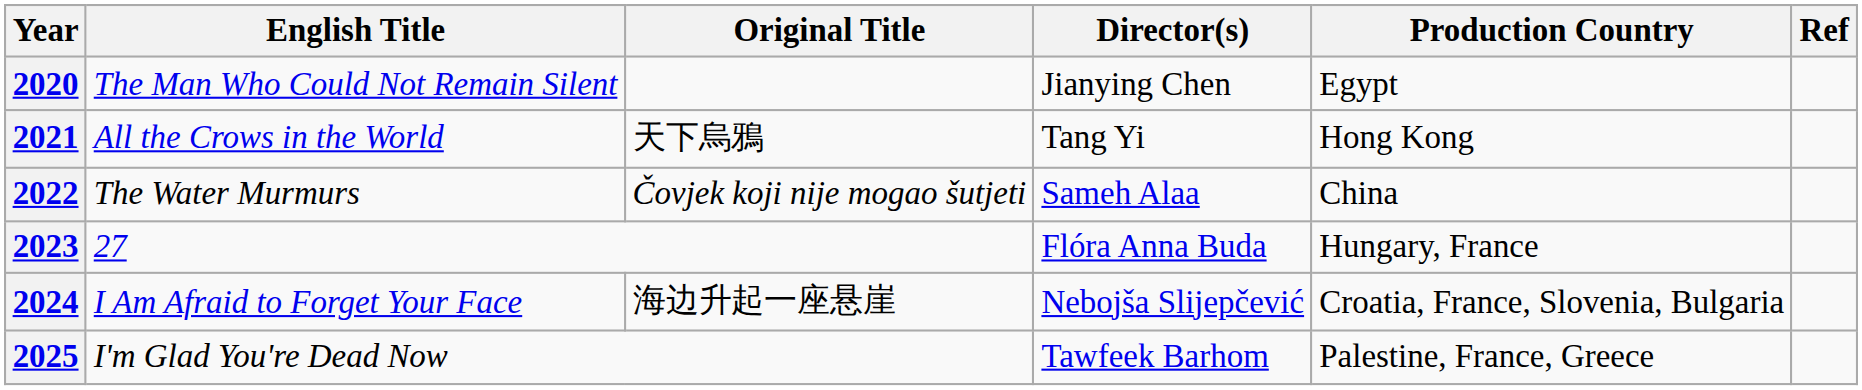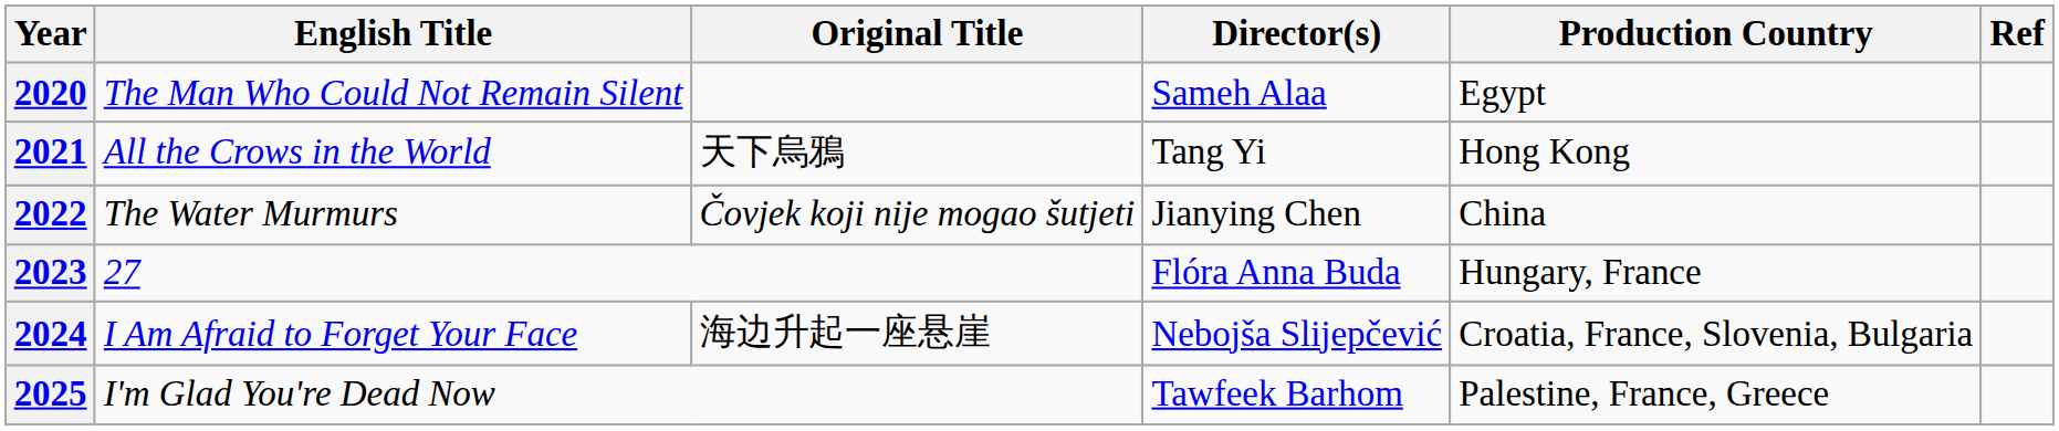 <table class="wikitable">
 <tr>
 <th>Year</th>
 <th>English Title</th>
 <th>Original Title</th>
 <th>Director(s)</th>
 <th>Production Country</th>
 <th>Ref</th>
 </tr>
 <tr>
 <th><a href='#'>2020</a></th>
 <td><em><a href='#'>The Man Who Could Not Remain Silent</a></em></td>
 <td></td>
-<td>Jianying Chen</td>
+<td><a href='#'>Sameh Alaa</a></td>
 <td>Egypt</td>
 <td></td>
 </tr>
 <tr>
 <th><a href='#'>2021</a></th>
 <td><em><a href='#'>All the Crows in the World</a></em></td>
 <td>天下烏鴉</td>
 <td>Tang Yi</td>
 <td>Hong Kong</td>
 <td></td>
 </tr>
 <tr>
 <th><a href='#'>2022</a></th>
 <td><em>The Water Murmurs</em></td>
 <td><em>Čovjek koji nije mogao šutjeti</em></td>
-<td><a href='#'>Sameh Alaa</a></td>
+<td>Jianying Chen</td>
 <td>China</td>
 <td></td>
 </tr>
 <tr>
 <th><a href='#'>2023</a></th>
 <td colspan="2"><em><a href='#'>27</a></em></td>
 <td><a href='#'>Flóra Anna Buda</a></td>
 <td>Hungary, France</td>
 <td></td>
 </tr>
 <tr>
 <th><a href='#'>2024</a></th>
 <td><em><a href='#'>I Am Afraid to Forget Your Face</a></em></td>
 <td>海边升起一座悬崖</td>
 <td><a href='#'>Nebojša Slijepčević</a></td>
 <td>Croatia, France, Slovenia, Bulgaria</td>
 <td></td>
 </tr>
 <tr>
 <th><a href='#'>2025</a></th>
 <td colspan=2><em>I'm Glad You're Dead Now</em></td>
 <td><a href='#'>Tawfeek Barhom</a></td>
 <td>Palestine, France, Greece</td>
 <td></td>
 </tr>
 </table>
